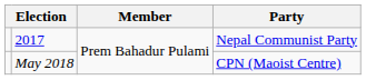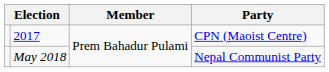 <table class="wikitable">
 <tr>
 <th colspan="2">Election</th>
 <th>Member</th>
 <th>Party</th>
 </tr>
 <tr>
 <td style="background-color:"></td>
 <td><a href='#'>2017</a></td>
 <td rowspan="2">Prem Bahadur Pulami</td>
-<td><a href='#'>Nepal Communist Party</a></td>
+<td><a href='#'>CPN (Maoist Centre)</a></td>
 </tr>
 <tr>
 <td style="background-color:"></td>
 <td><em>May 2018</em></td>
-<td><a href='#'>CPN (Maoist Centre)</a></td>
+<td><a href='#'>Nepal Communist Party</a></td>
 </tr>
 </table>
